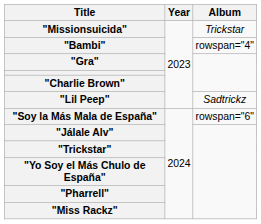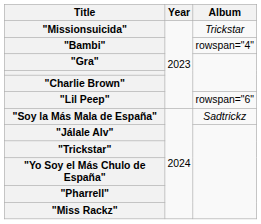 <table class="wikitable plainrowheaders" style="text-align:center;">
 <tr>
 <th scope="col" style="width:15em;">Title</th>
 <th scope="col">Year</th>
 <th scope="col">Album</th>
 </tr>
 <tr>
 <th scope="row">"Missionsuicida"</th>
 <td rowspan="6">2023</td>
 <td><em>Trickstar</em></td>
 </tr>
 <tr>
 <th scope="row">"Bambi"</th>
 <td>rowspan="4" </td>
 </tr>
 <tr>
 <th scope="row">"Gra"</th>
 </tr>
 <tr>
 <th scope="row"></th>
 </tr>
 <tr>
 <th scope="row">"Charlie Brown"</th>
 </tr>
 <tr>
 <th scope="row">"Lil Peep"</th>
-<td><em>Sadtrickz</em></td>
+<td>rowspan="6" </td>
 </tr>
 <tr>
 <th scope="row">"Soy la Más Mala de España"<br></th>
 <td rowspan="6">2024</td>
-<td>rowspan="6" </td>
+<td><em>Sadtrickz</em></td>
 </tr>
 <tr>
 <th scope="row">"Jálale Alv"<br></th>
 </tr>
 <tr>
 <th scope="row">"Trickstar"<br></th>
 </tr>
 <tr>
 <th scope="row">"Yo Soy el Más Chulo de España"<br></th>
 </tr>
 <tr>
 <th scope="row">"Pharrell"<br></th>
 </tr>
 <tr>
 <th scope="row">"Miss Rackz"</th>
 </tr>
 </table>
